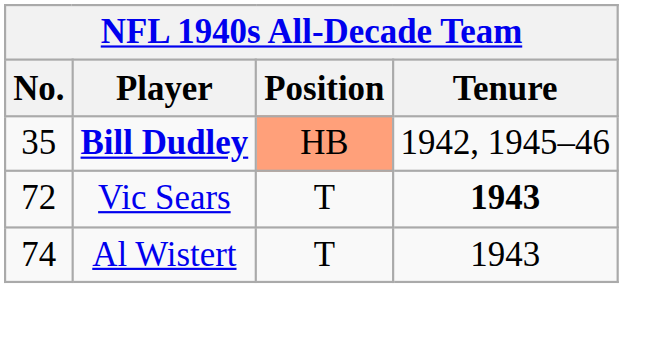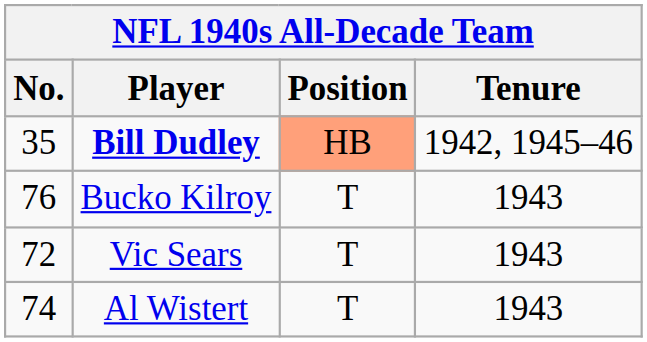 <table class="wikitable" style="text-align:center">
 <tr>
 <th colspan="4"><a href='#'><span>NFL 1940s All-Decade Team</span></a></th>
 </tr>
 <tr>
 <th>No.</th>
 <th>Player</th>
 <th>Position</th>
 <th>Tenure</th>
 </tr>
 <tr>
 <td>35</td>
 <td><strong><a href='#'>Bill Dudley</a></strong></td>
 <td style="background: lightsalmon;">HB</td>
 <td>1942, 1945–46</td>
 </tr>
 <tr>
+<td>76</td>
+<td><a href='#'>Bucko Kilroy</a></td>
+<td>T</td>
+<td>1943</td>
+</tr>
+<tr>
 <td>72</td>
 <td><a href='#'>Vic Sears</a></td>
 <td>T</td>
-<td><strong>1943</strong></td>
+<td>1943</td>
 </tr>
 <tr>
 <td>74</td>
 <td><a href='#'>Al Wistert</a></td>
 <td>T</td>
 <td>1943</td>
 </tr>
 </table>
